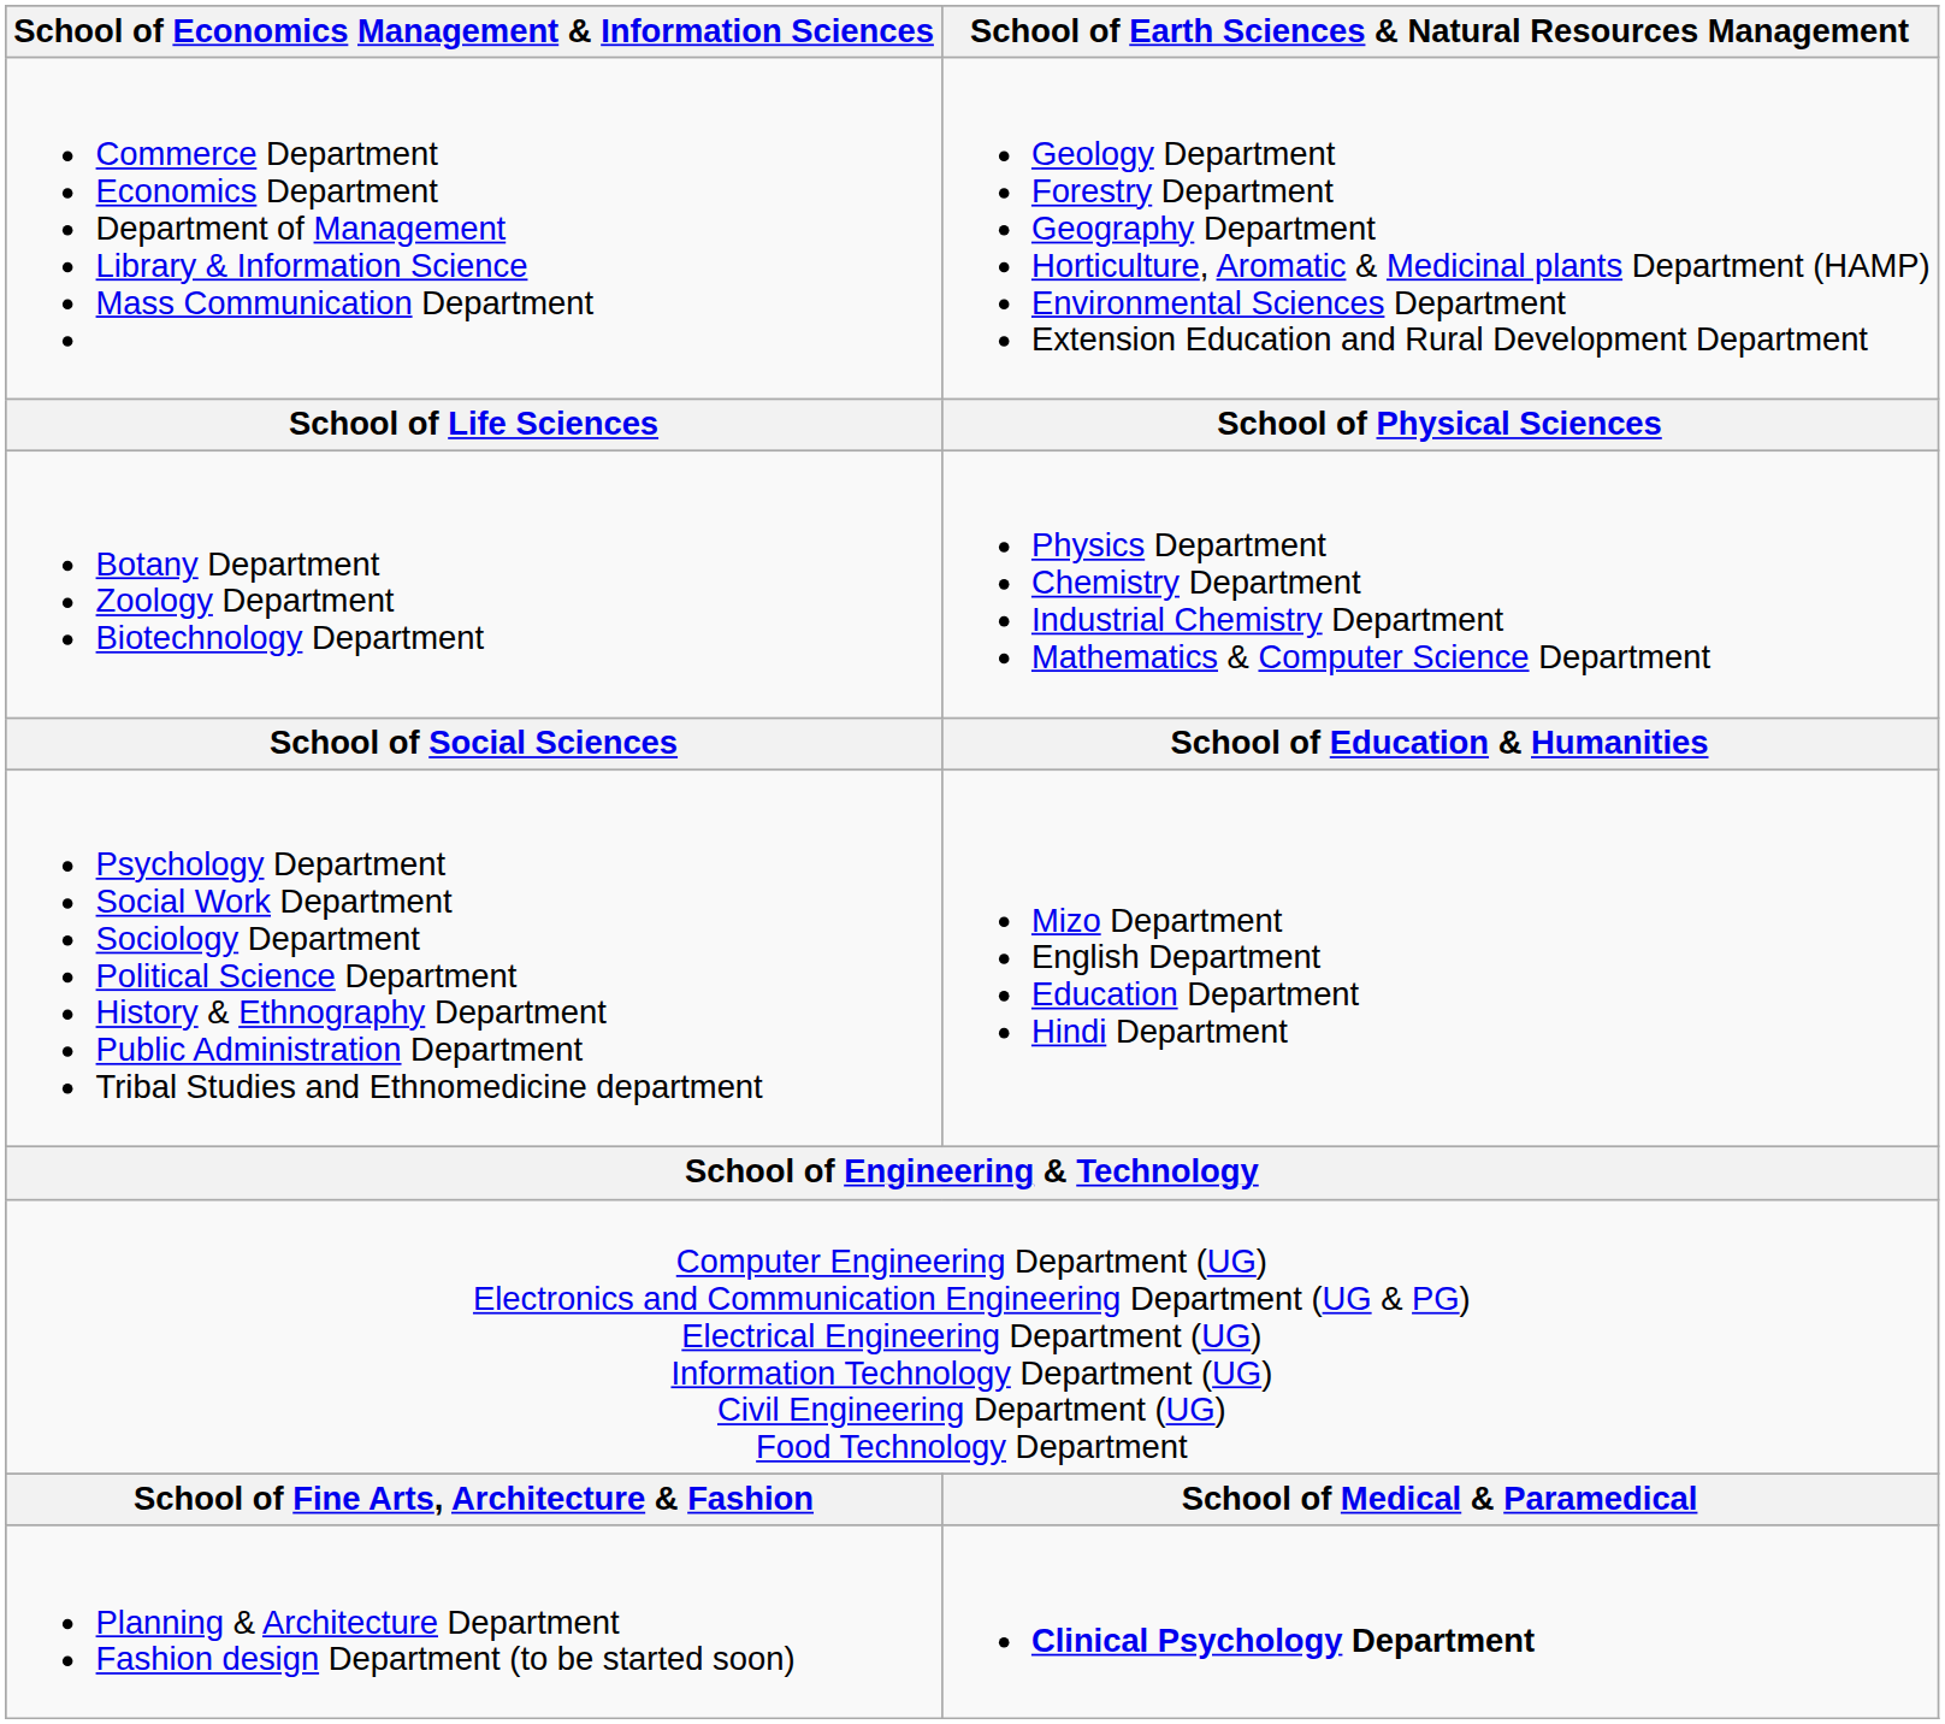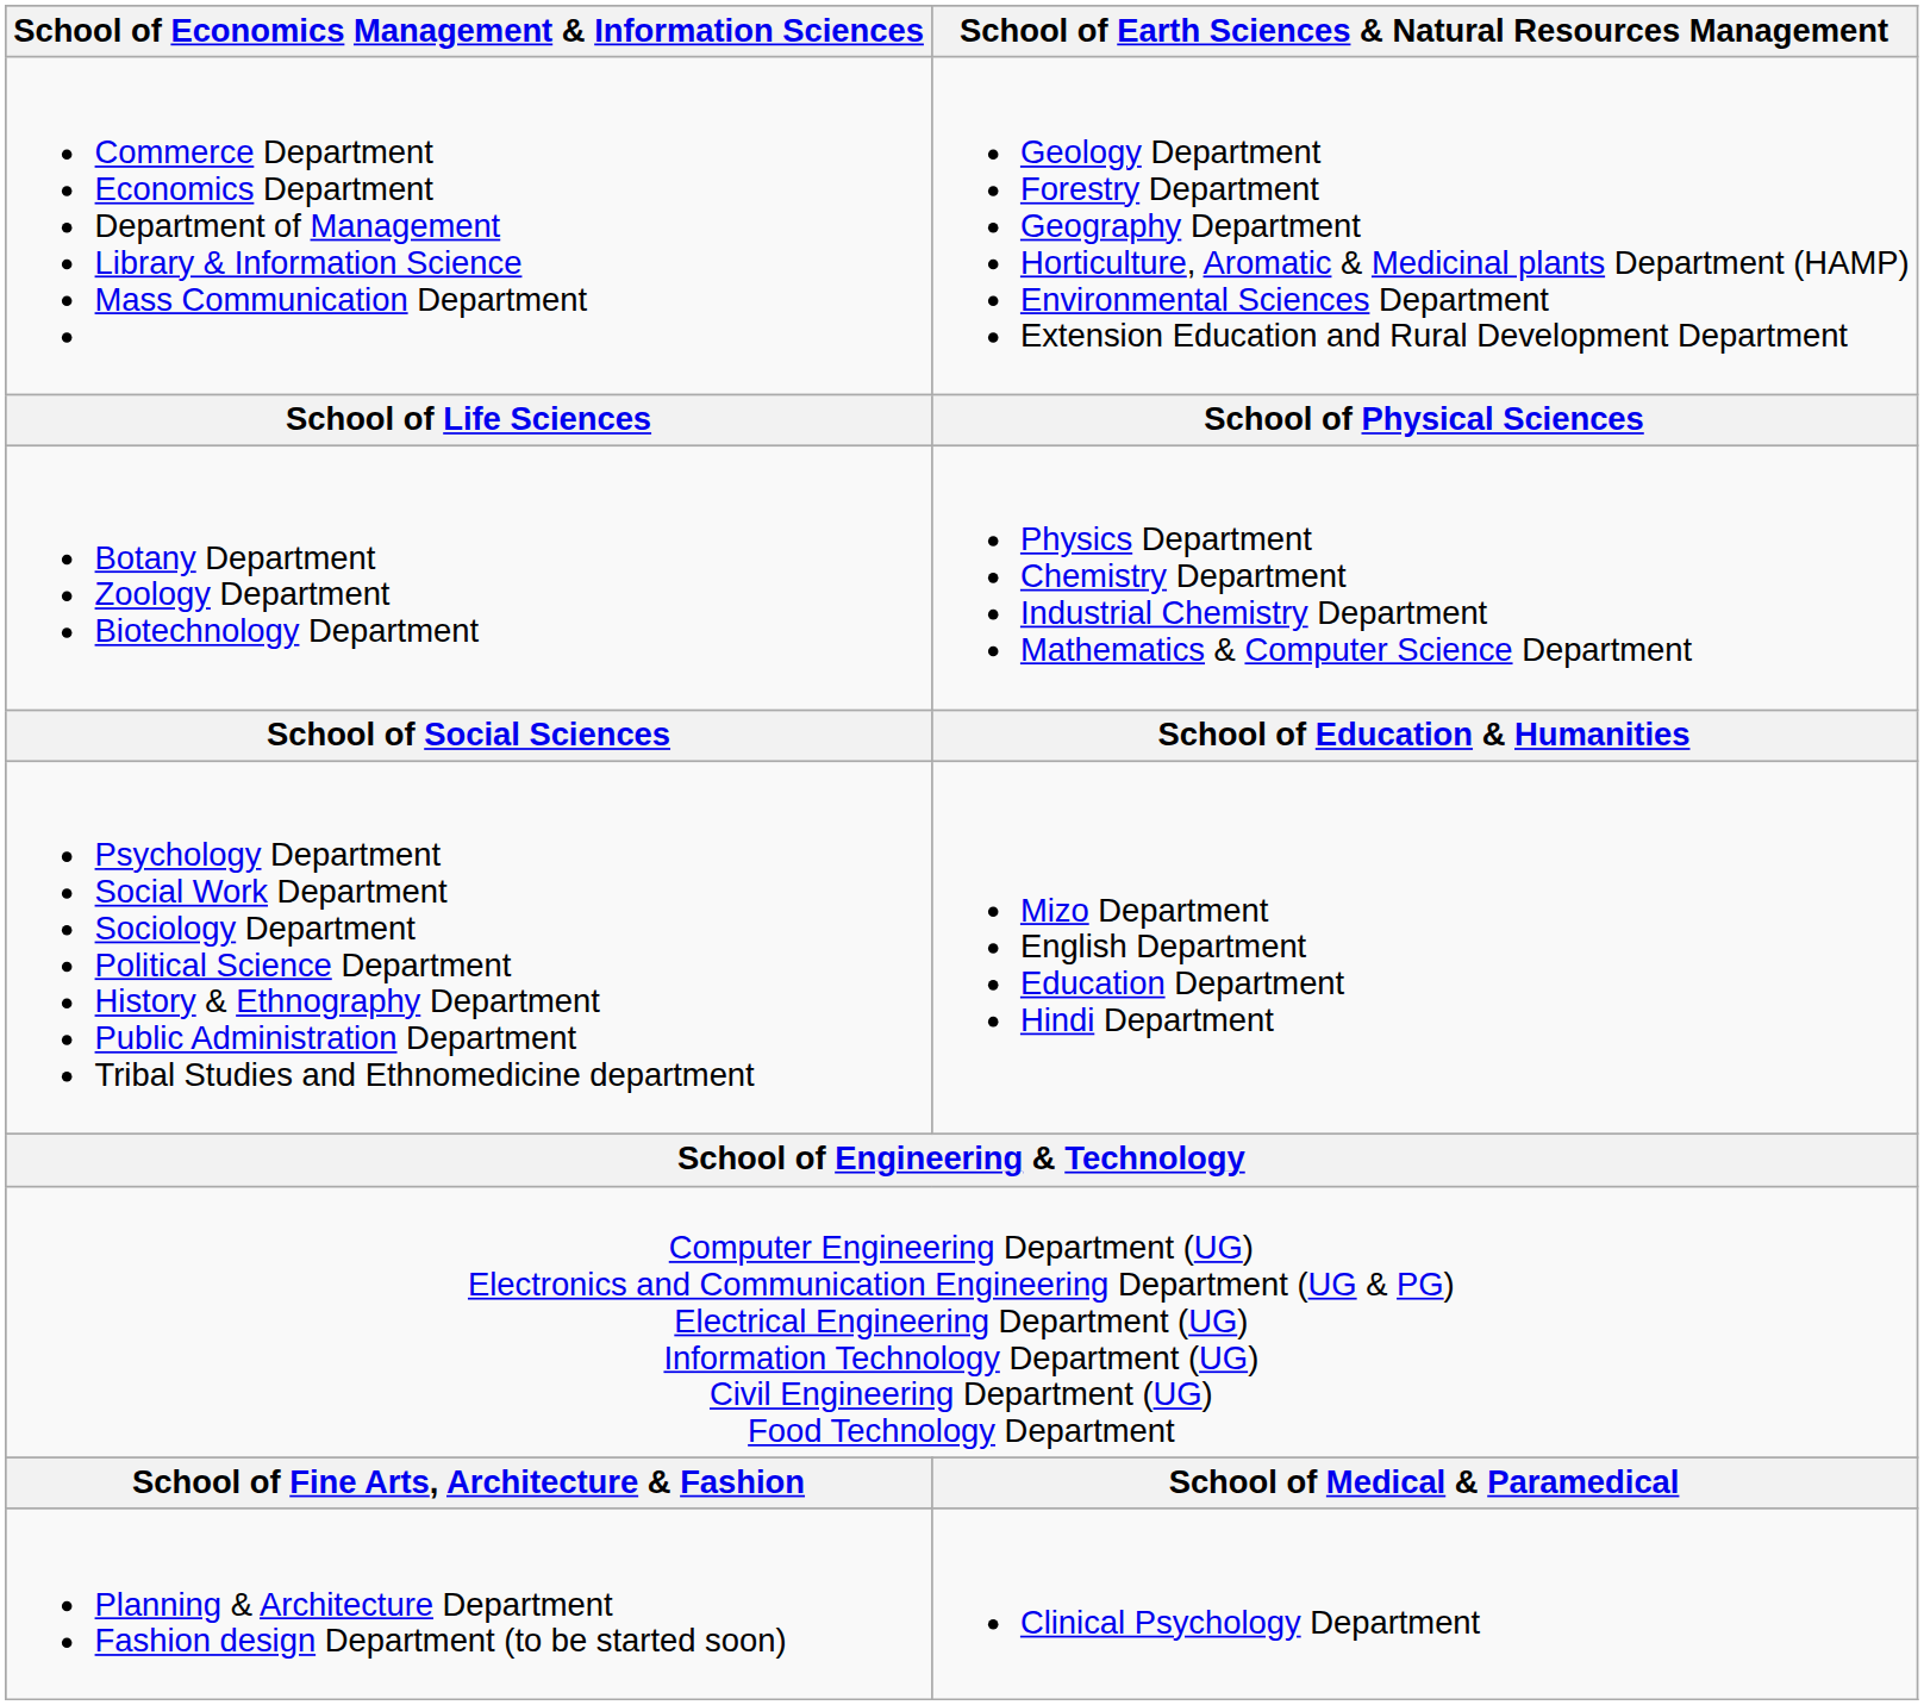 <table class="wikitable">
 <tr>
 <th>School of <a href='#'>Economics</a> <a href='#'>Management</a> & <a href='#'>Information Sciences</a></th>
 <th>School of <a href='#'>Earth Sciences</a> & Natural Resources Management</th>
 </tr>
 <tr>
 <td><br><ul><li><a href='#'>Commerce</a> Department</li><li><a href='#'>Economics</a> Department</li><li>Department of <a href='#'>Management</a></li><li><a href='#'>Library & Information Science</a></li><li><a href='#'>Mass Communication</a> Department</li><li></li></ul></td>
 <td><br><ul><li><a href='#'>Geology</a> Department</li><li><a href='#'>Forestry</a> Department</li><li><a href='#'>Geography</a> Department</li><li><a href='#'>Horticulture</a>, <a href='#'>Aromatic</a> & <a href='#'>Medicinal plants</a> Department (HAMP)</li><li><a href='#'>Environmental Sciences</a> Department</li><li>Extension Education and Rural Development Department</li></ul></td>
 </tr>
 <tr>
 <th>School of <a href='#'>Life Sciences</a></th>
 <th>School of <a href='#'>Physical Sciences</a></th>
 </tr>
 <tr>
 <td><br><ul><li><a href='#'>Botany</a> Department</li><li><a href='#'>Zoology</a> Department</li><li><a href='#'>Biotechnology</a> Department</li></ul></td>
 <td><br><ul><li><a href='#'>Physics</a> Department</li><li><a href='#'>Chemistry</a> Department</li><li><a href='#'>Industrial Chemistry</a> Department</li><li><a href='#'>Mathematics</a> & <a href='#'>Computer Science</a> Department</li></ul></td>
 </tr>
 <tr>
 <th>School of <a href='#'>Social Sciences</a></th>
 <th>School of <a href='#'>Education</a> & <a href='#'>Humanities</a></th>
 </tr>
 <tr>
 <td><br><ul><li><a href='#'>Psychology</a> Department</li><li><a href='#'>Social Work</a> Department</li><li><a href='#'>Sociology</a> Department</li><li><a href='#'>Political Science</a> Department</li><li><a href='#'>History</a> & <a href='#'>Ethnography</a> Department</li><li><a href='#'>Public Administration</a> Department</li><li>Tribal Studies and Ethnomedicine department</li></ul></td>
 <td><br><ul><li><a href='#'>Mizo</a> Department</li><li>English Department</li><li><a href='#'>Education</a> Department</li><li><a href='#'>Hindi</a> Department</li></ul></td>
 </tr>
 <tr>
 <th colspan="2" align="center">School of <a href='#'>Engineering</a> & <a href='#'>Technology</a></th>
 </tr>
 <tr>
 <td colspan="2" align="center"><br><a href='#'>Computer Engineering</a> Department (<a href='#'>UG</a>)<br> <a href='#'>Electronics and Communication Engineering</a> Department (<a href='#'>UG</a> & <a href='#'>PG</a>)<br> <a href='#'>Electrical Engineering</a> Department (<a href='#'>UG</a>)<br> <a href='#'>Information Technology</a> Department (<a href='#'>UG</a>)<br> <a href='#'>Civil Engineering</a> Department (<a href='#'>UG</a>)<br> <a href='#'>Food Technology</a> Department</td>
 </tr>
 <tr>
 <th>School of <a href='#'>Fine Arts</a>, <a href='#'>Architecture</a> & <a href='#'>Fashion</a></th>
 <th>School of <a href='#'>Medical</a> & <a href='#'>Paramedical</a></th>
 </tr>
 <tr>
 <td><br><ul><li><a href='#'>Planning</a> & <a href='#'>Architecture</a> Department</li><li><a href='#'>Fashion design</a> Department (to be started soon)</li></ul></td>
-<td><strong><br><ul><li><a href='#'>Clinical Psychology</a> Department</li></ul></strong></td>
+<td><br><ul><li><a href='#'>Clinical Psychology</a> Department</li></ul></td>
 </tr>
 <tr>
 </tr>
 </table>
